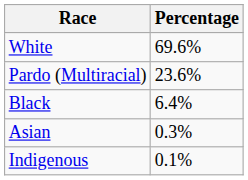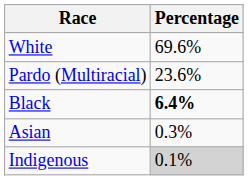 <table class="wikitable">
 <tr>
 <th>Race</th>
 <th>Percentage</th>
 </tr>
 <tr>
 <td><a href='#'>White</a></td>
 <td>69.6%</td>
 </tr>
 <tr>
 <td><a href='#'>Pardo</a> (<a href='#'>Multiracial</a>)</td>
 <td>23.6%</td>
 </tr>
 <tr>
 <td><a href='#'>Black</a></td>
-<td>6.4%</td>
+<td><strong>6.4%</strong></td>
 </tr>
 <tr>
 <td><a href='#'>Asian</a></td>
 <td>0.3%</td>
 </tr>
 <tr>
 <td><a href='#'>Indigenous</a></td>
-<td>0.1%</td>
+<td style="background: lightgrey;">0.1%</td>
 </tr>
 </table>
